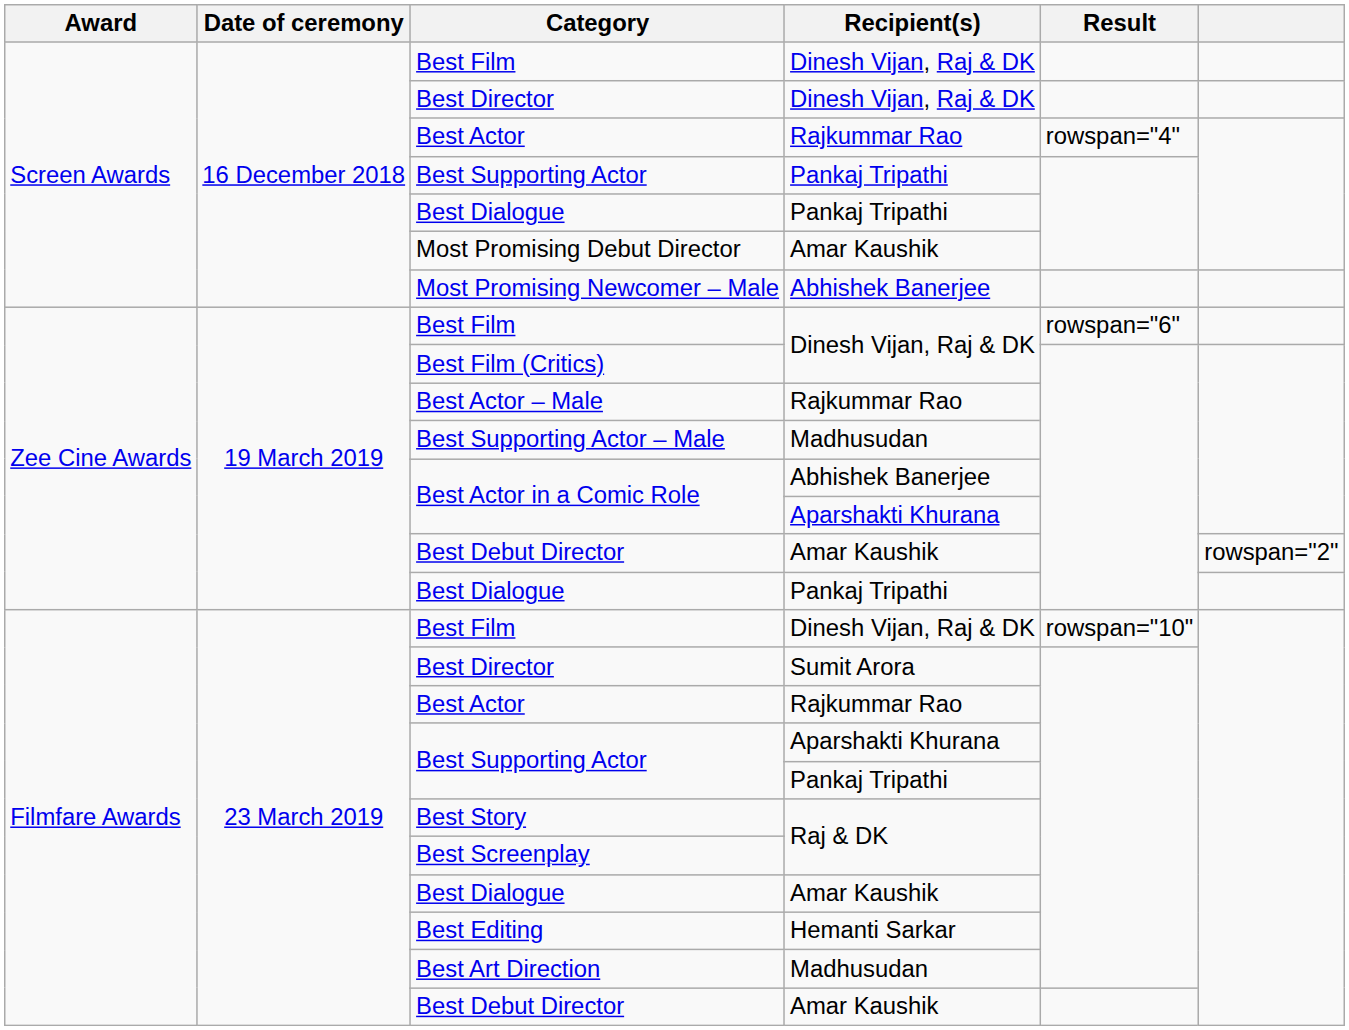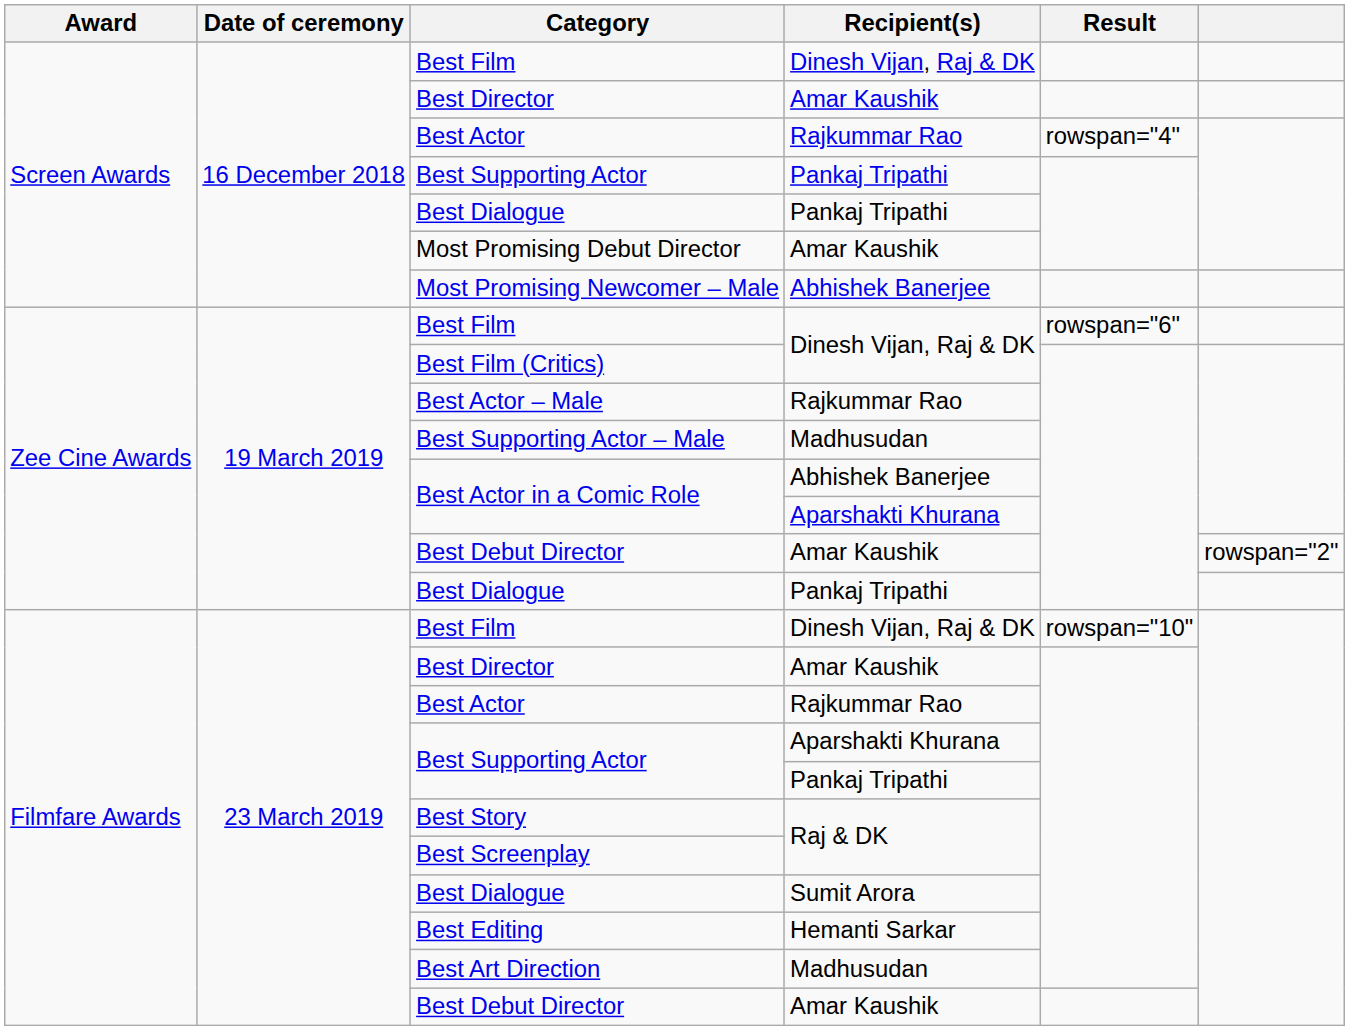 <table class="wikitable sortable">
 <tr>
 <th>Award</th>
 <th>Date of ceremony</th>
 <th>Category</th>
 <th>Recipient(s)</th>
 <th>Result</th>
 <th class="unsortable"></th>
 </tr>
 <tr>
 <td rowspan="7"><a href='#'>Screen Awards</a></td>
 <td rowspan="7" align="center"><a href='#'>16 December 2018</a></td>
 <td><a href='#'>Best Film</a></td>
 <td><a href='#'>Dinesh Vijan</a>, <a href='#'>Raj & DK</a></td>
 <td></td>
 <td style="text-align:center;"></td>
 </tr>
 <tr>
 <td><a href='#'>Best Director</a></td>
-<td><a href='#'>Dinesh Vijan</a>, <a href='#'>Raj & DK</a></td>
+<td><a href='#'>Amar Kaushik</a></td>
 <td></td>
 <td style="text-align:center;"></td>
 </tr>
 <tr>
 <td><a href='#'>Best Actor</a></td>
 <td><a href='#'>Rajkummar Rao</a></td>
 <td>rowspan="4" </td>
 <td rowspan="4" style="text-align:center;"></td>
 </tr>
 <tr>
 <td><a href='#'>Best Supporting Actor</a></td>
 <td><a href='#'>Pankaj Tripathi</a></td>
 </tr>
 <tr>
 <td><a href='#'>Best Dialogue</a></td>
 <td>Pankaj Tripathi</td>
 </tr>
 <tr>
 <td>Most Promising Debut Director</td>
 <td>Amar Kaushik</td>
 </tr>
 <tr>
 <td><a href='#'>Most Promising Newcomer – Male</a></td>
 <td><a href='#'>Abhishek Banerjee</a></td>
 <td></td>
 <td style="text-align:center;"></td>
 </tr>
 <tr>
 <td rowspan="8"><a href='#'>Zee Cine Awards</a></td>
 <td rowspan="8" align="center"><a href='#'>19 March 2019</a></td>
 <td><a href='#'>Best Film</a></td>
 <td rowspan="2">Dinesh Vijan, Raj & DK</td>
 <td>rowspan="6" </td>
 <td style="text-align:center;"></td>
 </tr>
 <tr>
 <td><a href='#'>Best Film (Critics)</a></td>
 <td rowspan="7" style="text-align:center;"></td>
 </tr>
 <tr>
 <td><a href='#'>Best Actor – Male</a></td>
 <td>Rajkummar Rao</td>
 </tr>
 <tr>
 <td><a href='#'>Best Supporting Actor – Male</a></td>
 <td>Madhusudan</td>
 </tr>
 <tr>
 <td rowspan="2"><a href='#'>Best Actor in a Comic Role</a></td>
 <td>Abhishek Banerjee</td>
 </tr>
 <tr>
 <td><a href='#'>Aparshakti Khurana</a></td>
 </tr>
 <tr>
 <td><a href='#'>Best Debut Director</a></td>
 <td>Amar Kaushik</td>
 <td>rowspan="2" </td>
 </tr>
 <tr>
 <td><a href='#'>Best Dialogue</a></td>
 <td>Pankaj Tripathi</td>
 </tr>
 <tr>
 <td rowspan="11"><a href='#'>Filmfare Awards</a></td>
 <td rowspan="11" align="center"><a href='#'>23 March 2019</a></td>
 <td><a href='#'>Best Film</a></td>
 <td>Dinesh Vijan, Raj & DK</td>
 <td>rowspan="10" </td>
 <td rowspan="11" style="text-align:center;"></td>
 </tr>
 <tr>
 <td><a href='#'>Best Director</a></td>
-<td>Sumit Arora</td>
+<td>Amar Kaushik</td>
 </tr>
 <tr>
 <td><a href='#'>Best Actor</a></td>
 <td>Rajkummar Rao</td>
 </tr>
 <tr>
 <td rowspan="2"><a href='#'>Best Supporting Actor</a></td>
 <td>Aparshakti Khurana</td>
 </tr>
 <tr>
 <td>Pankaj Tripathi</td>
 </tr>
 <tr>
 <td><a href='#'>Best Story</a></td>
 <td rowspan="2">Raj & DK</td>
 </tr>
 <tr>
 <td><a href='#'>Best Screenplay</a></td>
 </tr>
 <tr>
 <td><a href='#'>Best Dialogue</a></td>
-<td>Amar Kaushik</td>
+<td>Sumit Arora</td>
 </tr>
 <tr>
 <td><a href='#'>Best Editing</a></td>
 <td>Hemanti Sarkar</td>
 </tr>
 <tr>
 <td><a href='#'>Best Art Direction</a></td>
 <td>Madhusudan</td>
 </tr>
 <tr>
 <td><a href='#'>Best Debut Director</a></td>
 <td>Amar Kaushik</td>
 <td></td>
 </tr>
 </table>
